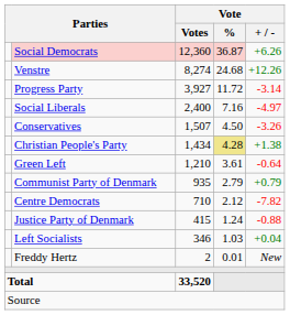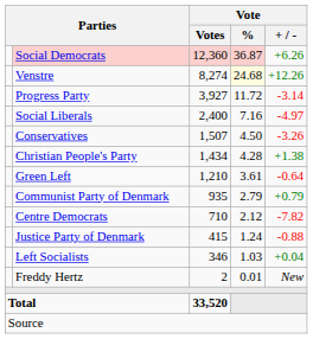 <table class="wikitable" style="text-align:right;">
 <tr>
 <th style="text-align:centre;" rowspan="2" colspan="2" width="225">Parties</th>
 <th colspan="3">Vote</th>
 </tr>
 <tr>
 <th width="15">Votes</th>
 <th width="15">%</th>
 <th width="15">+ / -</th>
 </tr>
 <tr>
 <td width="2" style="color:inherit;background:"></td>
 <td bgcolor=#fbd0ce  align="left"><a href='#'>Social Democrats</a></td>
 <td bgcolor=#fbd0ce>12,360</td>
 <td bgcolor=#fbd0ce>36.87</td>
 <td style=color:green;>+6.26</td>
 </tr>
 <tr>
 <td width="2" style="color:inherit;background:"></td>
 <td align="left"><a href='#'>Venstre</a></td>
 <td>8,274</td>
-<td>24.68</td>
+<td style="background: lightyellow;">24.68</td>
 <td style=color:green;>+12.26</td>
 </tr>
 <tr>
 <td width="2" style="color:inherit;background:"></td>
 <td align="left"><a href='#'>Progress Party</a></td>
 <td>3,927</td>
 <td>11.72</td>
 <td style=color:red;>-3.14</td>
 </tr>
 <tr>
 <td width="2" style="color:inherit;background:"></td>
 <td align="left"><a href='#'>Social Liberals</a></td>
 <td>2,400</td>
 <td>7.16</td>
 <td style=color:red;>-4.97</td>
 </tr>
 <tr>
 <td width="2" style="color:inherit;background:"></td>
 <td align="left"><a href='#'>Conservatives</a></td>
 <td>1,507</td>
 <td>4.50</td>
 <td style=color:red;>-3.26</td>
 </tr>
 <tr>
 <td width="2" style="color:inherit;background:"></td>
 <td align="left"><a href='#'>Christian People's Party</a></td>
 <td>1,434</td>
-<td style="background: khaki;">4.28</td>
+<td>4.28</td>
 <td style=color:green;>+1.38</td>
 </tr>
 <tr>
 <td width="2" style="color:inherit;background:"></td>
 <td align="left"><a href='#'>Green Left</a></td>
 <td>1,210</td>
 <td>3.61</td>
 <td style=color:red;>-0.64</td>
 </tr>
 <tr>
 <td width="2" style="color:inherit;background:"></td>
 <td align="left"><a href='#'>Communist Party of Denmark</a></td>
 <td>935</td>
 <td>2.79</td>
 <td style=color:green;>+0.79</td>
 </tr>
 <tr>
 <td width="2" style="color:inherit;background:"></td>
 <td align="left"><a href='#'>Centre Democrats</a></td>
 <td>710</td>
 <td>2.12</td>
 <td style=color:red;>-7.82</td>
 </tr>
 <tr>
 <td width="2" style="color:inherit;background:"></td>
 <td align="left"><a href='#'>Justice Party of Denmark</a></td>
 <td>415</td>
 <td>1.24</td>
 <td style=color:red;>-0.88</td>
 </tr>
 <tr>
 <td width="2" style="color:inherit;background:"></td>
 <td align="left"><a href='#'>Left Socialists</a></td>
 <td>346</td>
 <td>1.03</td>
 <td style=color:green;>+0.04</td>
 </tr>
 <tr>
 <td width="2" style="color:inherit;background:"></td>
 <td align="left">Freddy Hertz</td>
 <td>2</td>
 <td>0.01</td>
 <td><em>New</em></td>
 </tr>
 <tr>
 <td colspan="7" bgcolor="#E9E9E9"></td>
 </tr>
 <tr>
 <td align="left" colspan="2"><strong>Total</strong></td>
 <td><strong>33,520</strong></td>
 <td bgcolor="#E9E9E9" colspan="2"></td>
 </tr>
 <tr>
 <td align="left" colspan="6">Source</td>
 </tr>
 </table>
